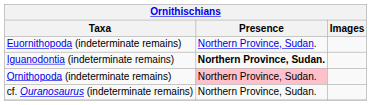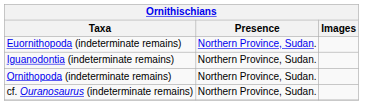 <table class="wikitable" align="center">
 <tr>
 <th colspan="4" align="center"><strong><a href='#'>Ornithischians</a></strong></th>
 </tr>
 <tr>
 <th>Taxa</th>
 <th>Presence</th>
 <th>Images</th>
 </tr>
 <tr>
 <td><a href='#'>Euornithopoda</a> (indeterminate remains)</td>
 <td><a href='#'>Northern Province, Sudan</a>.</td>
 <td></td>
 </tr>
 <tr>
 <td><a href='#'>Iguanodontia</a> (indeterminate remains)</td>
-<td><strong>Northern Province, Sudan.</strong></td>
+<td>Northern Province, Sudan.</td>
 <td></td>
 </tr>
 <tr>
 <td><a href='#'>Ornithopoda</a> (indeterminate remains)</td>
-<td style="background: pink;">Northern Province, Sudan.</td>
+<td>Northern Province, Sudan.</td>
 <td></td>
 </tr>
 <tr>
 <td>cf. <em><a href='#'>Ouranosaurus</a></em> (indeterminate remains)</td>
 <td>Northern Province, Sudan.</td>
 <td></td>
 </tr>
 <tr>
 </tr>
 </table>
